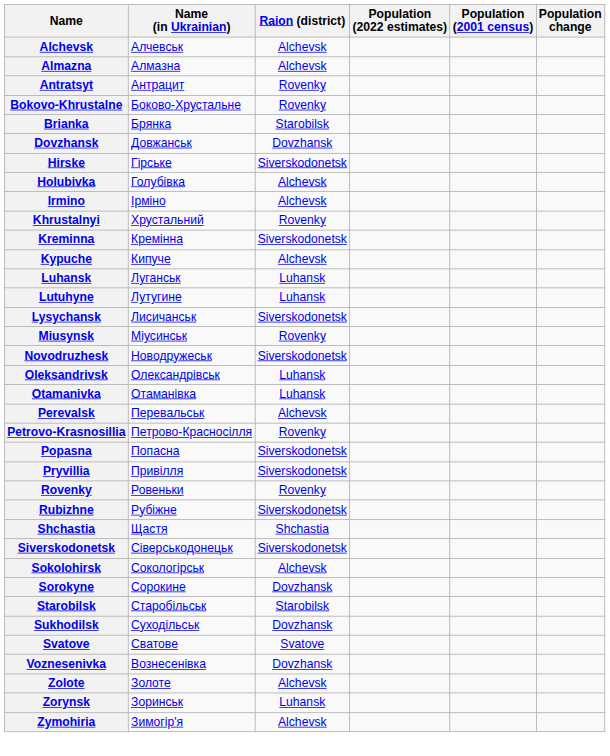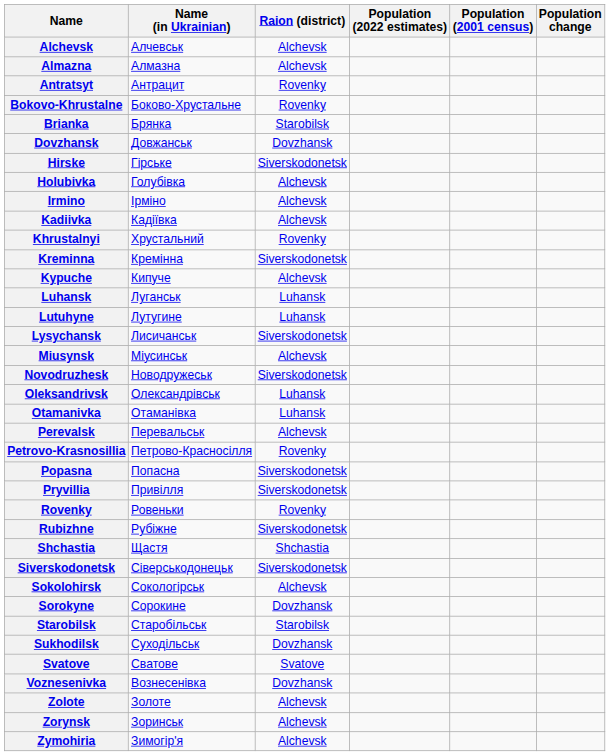 <table class="wikitable sortable sticky-header" id="Table of cities" caption="Tabulated list of cities in ">
 <tr>
 <th scope="col">Name</th>
 <th scope="col">Name<br>(in <a href='#'>Ukrainian</a>)</th>
 <th scope="col"><a href='#'>Raion</a> (district)</th>
 <th scope="col">Population<br>(2022 estimates)</th>
 <th scope="col">Population<br>(<a href='#'>2001 census</a>)</th>
 <th scope="col">Population<br>change</th>
 </tr>
 <tr>
 <th scope="row" align="left"><a href='#'>Alchevsk</a></th>
 <td><a href='#'>Алчевськ</a></td>
 <td align=center><a href='#'>Alchevsk</a></td>
 <td align=right></td>
 <td align=right></td>
 <td align=right></td>
 </tr>
 <tr>
 <th scope="row" align="left"><a href='#'>Almazna</a></th>
 <td><a href='#'>Алмазна</a></td>
 <td align=center><a href='#'>Alchevsk</a></td>
 <td align=right></td>
 <td align=right></td>
 <td align=right></td>
 </tr>
 <tr>
 <th scope="row" align="left"><a href='#'>Antratsyt</a></th>
 <td><a href='#'>Антрацит</a></td>
 <td align=center><a href='#'>Rovenky</a></td>
 <td align=right></td>
 <td align=right></td>
 <td align=right></td>
 </tr>
 <tr>
 <th scope="row" align="left"><a href='#'>Bokovo-Khrustalne</a></th>
 <td><a href='#'>Боково-Хрустальне</a></td>
 <td align=center><a href='#'>Rovenky</a></td>
 <td align=right></td>
 <td align=right></td>
 <td align=right></td>
 </tr>
 <tr>
 <th scope="row" align="left"><a href='#'>Brianka</a></th>
 <td><a href='#'>Брянка</a></td>
 <td align=center><a href='#'>Starobilsk</a></td>
 <td align=right></td>
 <td align=right></td>
 <td align=right></td>
 </tr>
 <tr>
 <th scope="row" align="left"><a href='#'>Dovzhansk</a></th>
 <td><a href='#'>Довжанськ</a></td>
 <td align=center><a href='#'>Dovzhansk</a></td>
 <td align=right></td>
 <td align=right></td>
 <td align=right></td>
 </tr>
 <tr>
 <th scope="row" align="left"><a href='#'>Hirske</a></th>
 <td><a href='#'>Гірське</a></td>
 <td align=center><a href='#'>Siverskodonetsk</a></td>
 <td align=right></td>
 <td align=right></td>
 <td align=right></td>
 </tr>
 <tr>
 <th scope="row" align="left"><a href='#'>Holubivka</a></th>
 <td><a href='#'>Голубівка</a></td>
 <td align=center><a href='#'>Alchevsk</a></td>
 <td align=right></td>
 <td align=right></td>
 <td align=right></td>
 </tr>
 <tr>
 <th scope="row" align="left"><a href='#'>Irmino</a></th>
 <td><a href='#'>Ірміно</a></td>
 <td align=center><a href='#'>Alchevsk</a></td>
 <td align=right></td>
 <td align=right></td>
 <td align=right></td>
 </tr>
 <tr>
+<th scope="row" align="left"><a href='#'>Kadiivka</a></th>
+<td><a href='#'>Кадіївка</a></td>
+<td align=center><a href='#'>Alchevsk</a></td>
+<td align=right></td>
+<td align=right></td>
+<td align=right></td>
+</tr>
+<tr>
 <th scope="row" align="left"><a href='#'>Khrustalnyi</a></th>
 <td><a href='#'>Хрустальний</a></td>
 <td align=center><a href='#'>Rovenky</a></td>
 <td align=right></td>
 <td align=right></td>
 <td align=right></td>
 </tr>
 <tr>
 <th scope="row" align="left"><a href='#'>Kreminna</a></th>
 <td><a href='#'>Кремінна</a></td>
 <td align=center><a href='#'>Siverskodonetsk</a></td>
 <td align=right></td>
 <td align=right></td>
 <td align=right></td>
 </tr>
 <tr>
 <th scope="row" align="left"><a href='#'>Kypuche</a></th>
 <td><a href='#'>Кипуче</a></td>
 <td align=center><a href='#'>Alchevsk</a></td>
 <td align=right></td>
 <td align=right></td>
 <td align=right></td>
 </tr>
 <tr>
 <th scope="row" align="left"><a href='#'>Luhansk</a></th>
 <td><a href='#'>Луганськ</a></td>
 <td align=center><a href='#'>Luhansk</a></td>
 <td align=right></td>
 <td align=right></td>
 <td align=right></td>
 </tr>
 <tr>
 <th scope="row" align="left"><a href='#'>Lutuhyne</a></th>
 <td><a href='#'>Лутугине</a></td>
 <td align=center><a href='#'>Luhansk</a></td>
 <td align=right></td>
 <td align=right></td>
 <td align=right></td>
 </tr>
 <tr>
 <th scope="row" align="left"><a href='#'>Lysychansk</a></th>
 <td><a href='#'>Лисичанськ</a></td>
 <td align=center><a href='#'>Siverskodonetsk</a></td>
 <td align=right></td>
 <td align=right></td>
 <td align=right></td>
 </tr>
 <tr>
 <th scope="row" align="left"><a href='#'>Miusynsk</a></th>
 <td><a href='#'>Міусинськ</a></td>
-<td align=center><a href='#'>Rovenky</a></td>
+<td align=center><a href='#'>Alchevsk</a></td>
 <td align=right></td>
 <td align=right></td>
 <td align=right></td>
 </tr>
 <tr>
 <th scope="row" align="left"><a href='#'>Novodruzhesk</a></th>
 <td><a href='#'>Новодружеськ</a></td>
 <td align=center><a href='#'>Siverskodonetsk</a></td>
 <td align=right></td>
 <td align=right></td>
 <td align=right></td>
 </tr>
 <tr>
 <th scope="row" align="left"><a href='#'>Oleksandrivsk</a></th>
 <td><a href='#'>Олександрівськ</a></td>
 <td align=center><a href='#'>Luhansk</a></td>
 <td align=right></td>
 <td align=right></td>
 <td align=right></td>
 </tr>
 <tr>
 <th scope="row" align="left"><a href='#'>Otamanivka</a></th>
 <td><a href='#'>Отаманівка</a></td>
 <td align="center"><a href='#'>Luhansk</a></td>
 <td align="right"></td>
 <td align="right"></td>
 <td align="right"></td>
 </tr>
 <tr>
 <th scope="row" align="left"><a href='#'>Perevalsk</a></th>
 <td><a href='#'>Перевальськ</a></td>
 <td align=center><a href='#'>Alchevsk</a></td>
 <td align=right></td>
 <td align=right></td>
 <td align=right></td>
 </tr>
 <tr>
 <th scope="row" align="left"><a href='#'>Petrovo-Krasnosillia</a></th>
 <td><a href='#'>Петрово-Красносілля</a></td>
 <td align=center><a href='#'>Rovenky</a></td>
 <td align=right></td>
 <td align=right></td>
 <td align=right></td>
 </tr>
 <tr>
 <th scope="row" align="left"><a href='#'>Popasna</a></th>
 <td><a href='#'>Попасна</a></td>
 <td align=center><a href='#'>Siverskodonetsk</a></td>
 <td align=right></td>
 <td align=right></td>
 <td align=right></td>
 </tr>
 <tr>
 <th scope="row" align="left"><a href='#'>Pryvillia</a></th>
 <td><a href='#'>Привілля</a></td>
 <td align=center><a href='#'>Siverskodonetsk</a></td>
 <td align=right></td>
 <td align=right></td>
 <td align=right></td>
 </tr>
 <tr>
 <th scope="row" align="left"><a href='#'>Rovenky</a></th>
 <td><a href='#'>Ровеньки</a></td>
 <td align=center><a href='#'>Rovenky</a></td>
 <td align=right></td>
 <td align=right></td>
 <td align=right></td>
 </tr>
 <tr>
 <th scope="row" align="left"><a href='#'>Rubizhne</a></th>
 <td><a href='#'>Рубіжне</a></td>
 <td align=center><a href='#'>Siverskodonetsk</a></td>
 <td align=right></td>
 <td align=right></td>
 <td align=right></td>
 </tr>
 <tr>
 <th scope="row" align="left"><a href='#'>Shchastia</a></th>
 <td><a href='#'>Щастя</a></td>
 <td align=center><a href='#'>Shchastia</a></td>
 <td align=right></td>
 <td align=right></td>
 <td align=right></td>
 </tr>
 <tr>
 <th scope="row" align="left"><a href='#'>Siverskodonetsk</a></th>
 <td><a href='#'>Сіверськодонецьк</a></td>
 <td align=center><a href='#'>Siverskodonetsk</a></td>
 <td align=right></td>
 <td align=right></td>
 <td align=right></td>
 </tr>
 <tr>
 <th scope="row" align="left"><a href='#'>Sokolohirsk</a></th>
 <td><a href='#'>Сокологірськ</a></td>
 <td align="center"><a href='#'>Alchevsk</a></td>
 <td align="right"></td>
 <td align="right"></td>
 <td align="right"></td>
 </tr>
 <tr>
 <th scope="row" align="left"><a href='#'>Sorokyne</a></th>
 <td><a href='#'>Сорокине</a></td>
 <td align=center><a href='#'>Dovzhansk</a></td>
 <td align=right></td>
 <td align=right></td>
 <td align=right></td>
 </tr>
 <tr>
 <th scope="row" align="left"><a href='#'>Starobilsk</a></th>
 <td><a href='#'>Старобільськ</a></td>
 <td align=center><a href='#'>Starobilsk</a></td>
 <td align=right></td>
 <td align=right></td>
 <td align=right></td>
 </tr>
 <tr>
 <th scope="row" align="left"><a href='#'>Sukhodilsk</a></th>
 <td><a href='#'>Суходільськ</a></td>
 <td align=center><a href='#'>Dovzhansk</a></td>
 <td align=right></td>
 <td align=right></td>
 <td align=right></td>
 </tr>
 <tr>
 <th scope="row" align="left"><a href='#'>Svatove</a></th>
 <td><a href='#'>Сватове</a></td>
 <td align=center><a href='#'>Svatove</a></td>
 <td align=right></td>
 <td align=right></td>
 <td align=right></td>
 </tr>
 <tr>
 <th scope="row" align="left"><a href='#'>Voznesenivka</a></th>
 <td><a href='#'>Вознесенівка</a></td>
 <td align=center><a href='#'>Dovzhansk</a></td>
 <td align=right></td>
 <td align=right></td>
 <td align=right></td>
 </tr>
 <tr>
 <th scope="row" align="left"><a href='#'>Zolote</a></th>
 <td><a href='#'>Золоте</a></td>
 <td align=center><a href='#'>Alchevsk</a></td>
 <td align=right></td>
 <td align=right></td>
 <td align=right></td>
 </tr>
 <tr>
 <th scope="row" align="left"><a href='#'>Zorynsk</a></th>
 <td><a href='#'>Зоринськ</a></td>
-<td align="center"><a href='#'>Luhansk</a></td>
+<td align=center><a href='#'>Alchevsk</a></td>
 <td align=right></td>
 <td align=right></td>
 <td align=right></td>
 </tr>
 <tr>
 <th scope="row" align="left"><a href='#'>Zymohiria</a></th>
 <td><a href='#'>Зимогір'я</a></td>
 <td align=center><a href='#'>Alchevsk</a></td>
 <td align=right></td>
 <td align=right></td>
 <td align=right></td>
 </tr>
 </table>
